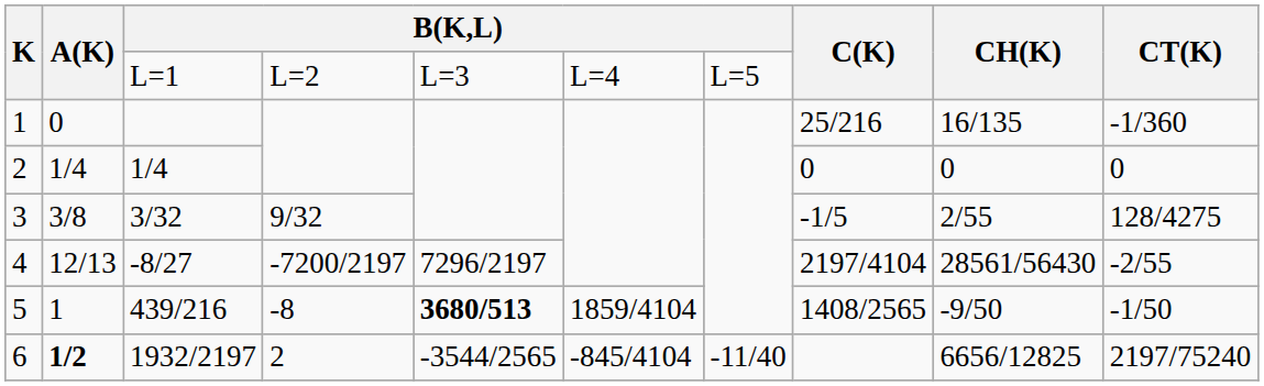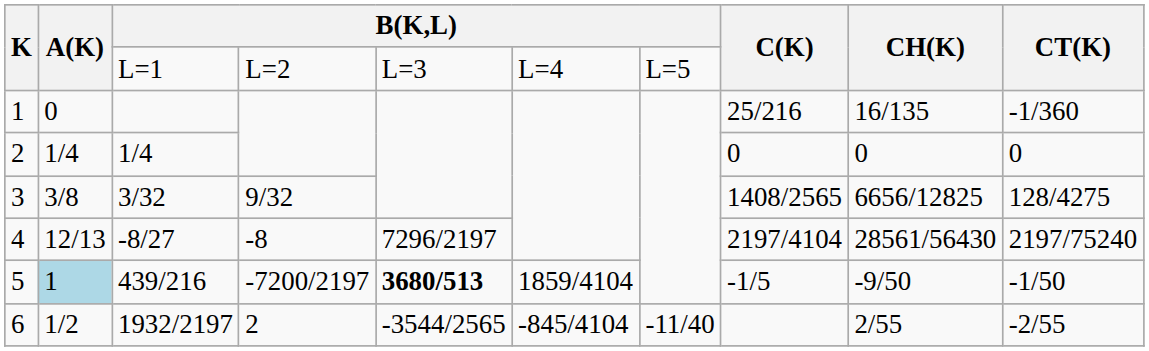 <table class="wikitable">
 <tr>
 <th rowspan="2">K</th>
 <th rowspan="2">A(K)</th>
 <th colspan="5">B(K,L)</th>
 <th rowspan="2">C(K)</th>
 <th rowspan="2">CH(K)</th>
 <th rowspan="2">CT(K)</th>
 </tr>
 <tr>
 <td>L=1</td>
 <td>L=2</td>
 <td>L=3</td>
 <td>L=4</td>
 <td>L=5</td>
 </tr>
 <tr>
 <td>1</td>
 <td>0</td>
 <td></td>
 <td rowspan="2"></td>
 <td rowspan="3"></td>
 <td rowspan="4"></td>
 <td rowspan="5"></td>
 <td>25/216</td>
 <td>16/135</td>
 <td>-1/360</td>
 </tr>
 <tr>
 <td>2</td>
 <td>1/4</td>
 <td>1/4</td>
 <td>0</td>
 <td>0</td>
 <td>0</td>
 </tr>
 <tr>
 <td>3</td>
 <td>3/8</td>
 <td>3/32</td>
 <td>9/32</td>
-<td>-1/5</td>
-<td>2/55</td>
+<td>1408/2565</td>
+<td>6656/12825</td>
 <td>128/4275</td>
 </tr>
 <tr>
 <td>4</td>
 <td>12/13</td>
 <td>-8/27</td>
-<td>-7200/2197</td>
+<td>-8</td>
 <td>7296/2197</td>
 <td>2197/4104</td>
 <td>28561/56430</td>
-<td>-2/55</td>
+<td>2197/75240</td>
 </tr>
 <tr>
 <td>5</td>
-<td>1</td>
+<td style="background: lightblue;">1</td>
 <td>439/216</td>
-<td>-8</td>
+<td>-7200/2197</td>
 <td><strong>3680/513</strong></td>
 <td>1859/4104</td>
-<td>1408/2565</td>
+<td>-1/5</td>
 <td>-9/50</td>
 <td>-1/50</td>
 </tr>
 <tr>
 <td>6</td>
-<td><strong>1/2</strong></td>
+<td>1/2</td>
 <td>1932/2197</td>
 <td>2</td>
 <td>-3544/2565</td>
 <td>-845/4104</td>
 <td>-11/40</td>
 <td></td>
-<td>6656/12825</td>
-<td>2197/75240</td>
+<td>2/55</td>
+<td>-2/55</td>
 </tr>
 </table>
